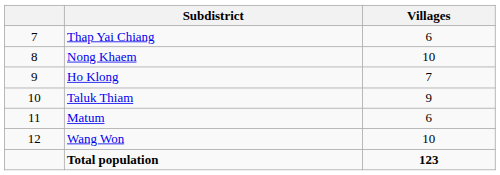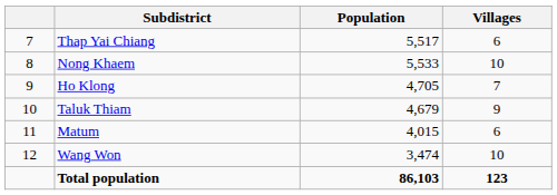 <table class="wikitable" style="width:48%; display:inline-table;">
 <tr>
 <th scope="col" style="width:9%;"> </th>
 <th scope="col" style="width:45%;">Subdistrict</th>
+<th scope="col" style="width:26%;">Population</th>
 <th scope="col" style="width:20%;">Villages</th>
 </tr>
 <tr>
 <td style="text-align:center;">7</td>
 <td><a href='#'>Thap Yai Chiang</a></td>
+<td style="text-align:right;">5,517</td>
 <td style="text-align:center;">6</td>
 </tr>
 <tr>
 <td style="text-align:center;">8</td>
 <td><a href='#'>Nong Khaem</a></td>
+<td style="text-align:right;">5,533</td>
 <td style="text-align:center;">10</td>
 </tr>
 <tr>
 <td style="text-align:center;">9</td>
 <td><a href='#'>Ho Klong</a></td>
+<td style="text-align:right;">4,705</td>
 <td style="text-align:center;">7</td>
 </tr>
 <tr>
 <td style="text-align:center;">10</td>
 <td><a href='#'>Taluk Thiam</a></td>
+<td style="text-align:right;">4,679</td>
 <td style="text-align:center;">9</td>
 </tr>
 <tr>
 <td style="text-align:center;">11</td>
 <td><a href='#'>Matum</a></td>
+<td style="text-align:right;">4,015</td>
 <td style="text-align:center;">6</td>
 </tr>
 <tr>
 <td style="text-align:center;">12</td>
 <td><a href='#'>Wang Won</a></td>
+<td style="text-align:right;">3,474</td>
 <td style="text-align:center;">10</td>
 </tr>
 <tr>
 <td></td>
 <td><strong>Total population</strong></td>
+<td style="text-align:right;"><strong>86,103</strong></td>
 <td style="text-align:center;"><strong>123</strong></td>
 </tr>
 </table>
